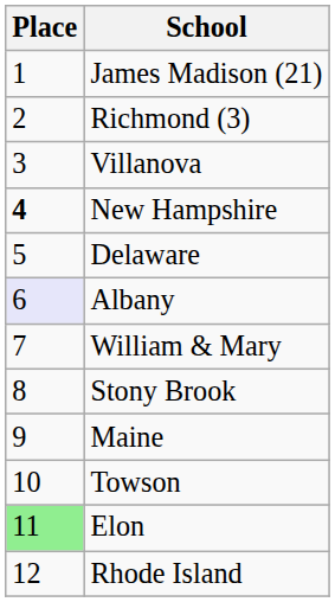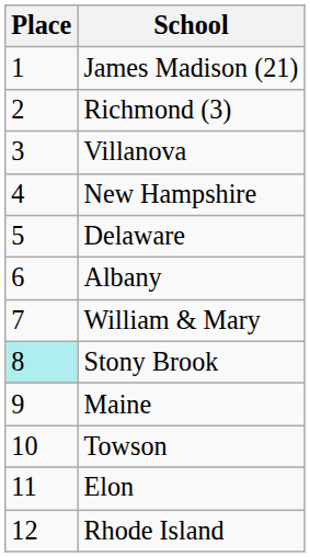 <table Class="wikitable">
 <tr align=center>
 <th>Place</th>
 <th>School</th>
 </tr>
 <tr>
 <td>1</td>
 <td>James Madison (21)</td>
 </tr>
 <tr>
 <td>2</td>
 <td>Richmond (3)</td>
 </tr>
 <tr>
 <td>3</td>
 <td>Villanova</td>
 </tr>
 <tr>
-<td><strong>4</strong></td>
+<td>4</td>
 <td>New Hampshire</td>
 </tr>
 <tr>
 <td>5</td>
 <td>Delaware</td>
 </tr>
 <tr>
-<td style="background: lavender;">6</td>
+<td>6</td>
 <td>Albany</td>
 </tr>
 <tr>
 <td>7</td>
 <td>William & Mary</td>
 </tr>
 <tr>
-<td>8</td>
+<td style="background: paleturquoise;">8</td>
 <td>Stony Brook</td>
 </tr>
 <tr>
 <td>9</td>
 <td>Maine</td>
 </tr>
 <tr>
 <td>10</td>
 <td>Towson</td>
 </tr>
 <tr>
-<td style="background: lightgreen;">11</td>
+<td>11</td>
 <td>Elon</td>
 </tr>
 <tr>
 <td>12</td>
 <td>Rhode Island</td>
 </tr>
 </table>
